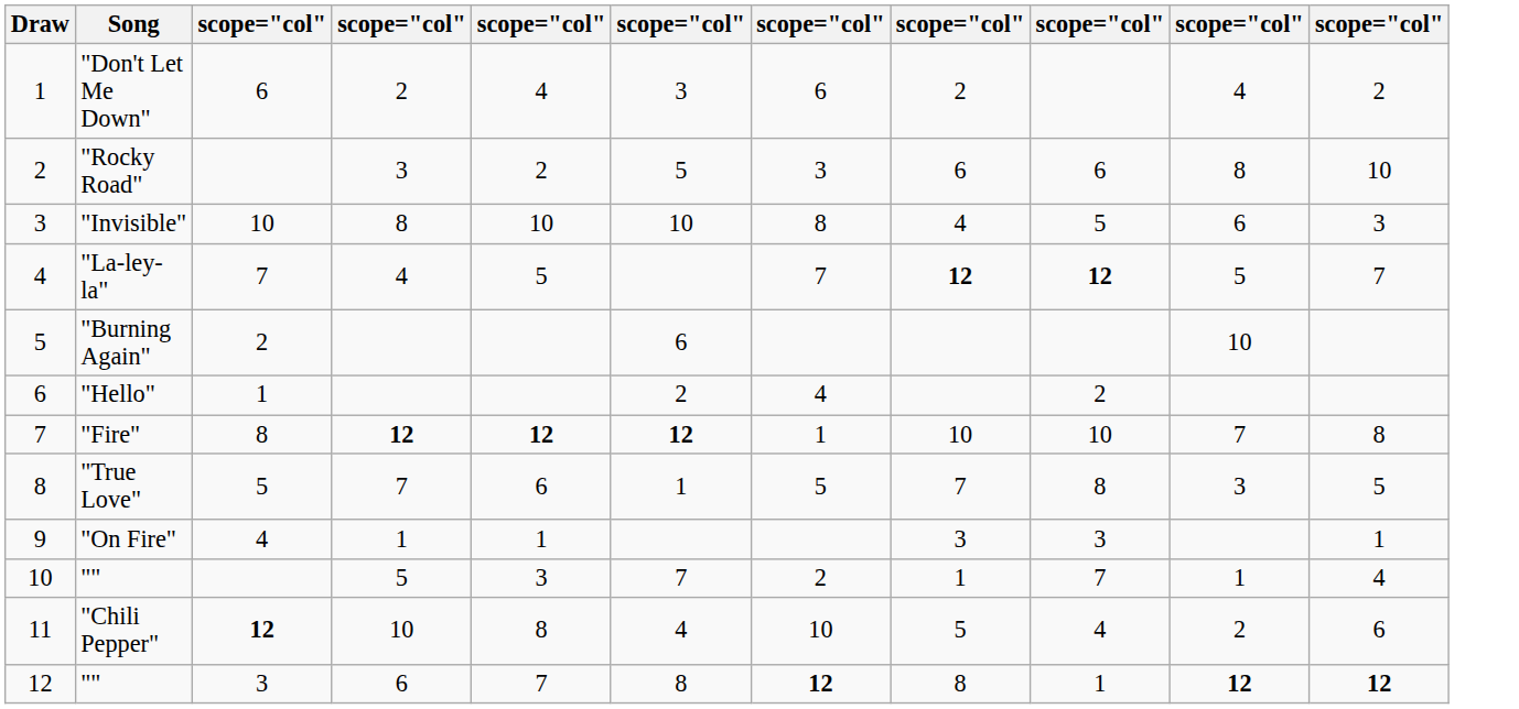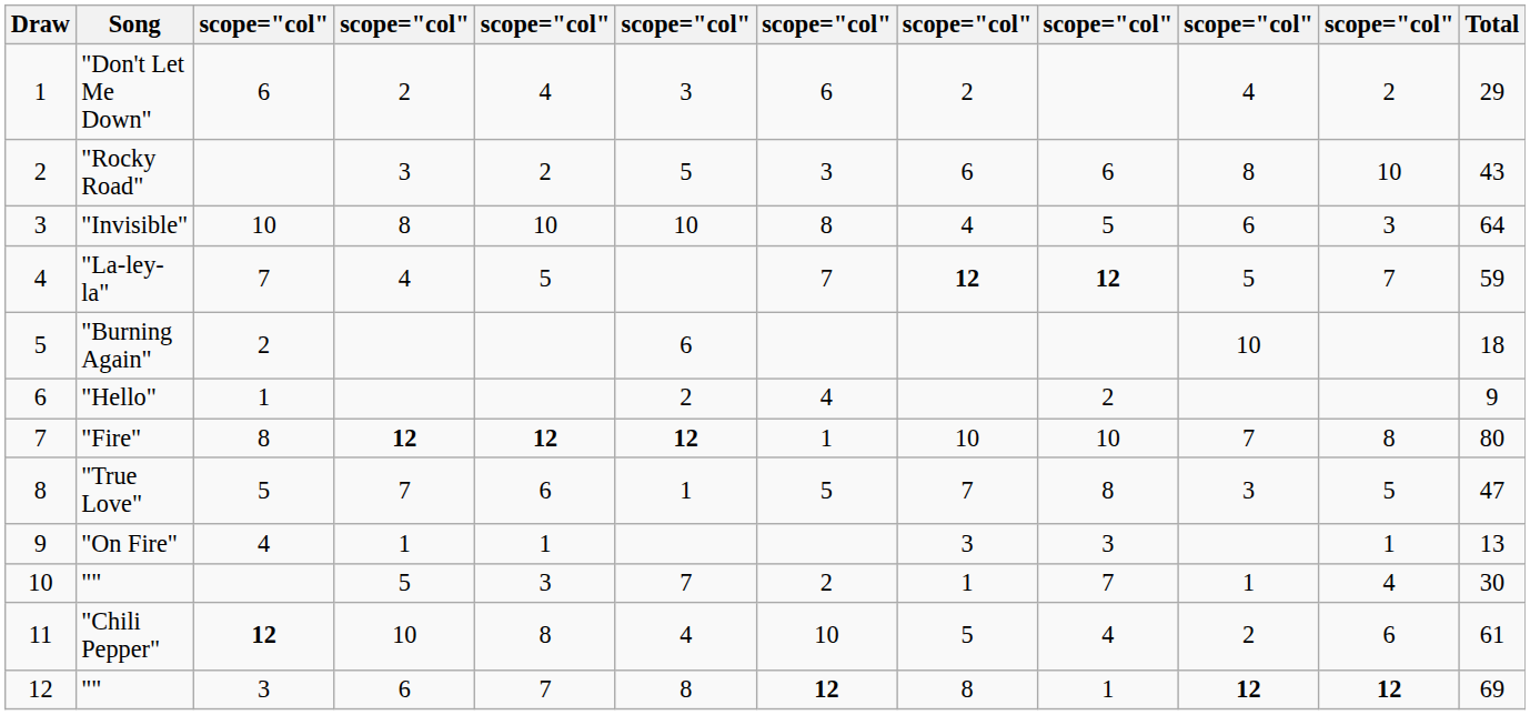 <table class="wikitable collapsible" style="margin: 1em auto 1em auto; text-align:center;">
 <tr>
 <th>Draw</th>
 <th>Song</th>
 <th>scope="col" </th>
 <th>scope="col" </th>
 <th>scope="col" </th>
 <th>scope="col" </th>
 <th>scope="col" </th>
 <th>scope="col" </th>
 <th>scope="col" </th>
 <th>scope="col" </th>
 <th>scope="col" </th>
+<th>Total</th>
 </tr>
 <tr>
 <td>1</td>
 <td align="left">"Don't Let Me Down"</td>
 <td>6</td>
 <td>2</td>
 <td>4</td>
 <td>3</td>
 <td>6</td>
 <td>2</td>
 <td></td>
 <td>4</td>
 <td>2</td>
+<td>29</td>
 </tr>
 <tr>
 <td>2</td>
 <td align="left">"Rocky Road"</td>
 <td></td>
 <td>3</td>
 <td>2</td>
 <td>5</td>
 <td>3</td>
 <td>6</td>
 <td>6</td>
 <td>8</td>
 <td>10</td>
+<td>43</td>
 </tr>
 <tr>
 <td>3</td>
 <td align="left">"Invisible"</td>
 <td>10</td>
 <td>8</td>
 <td>10</td>
 <td>10</td>
 <td>8</td>
 <td>4</td>
 <td>5</td>
 <td>6</td>
 <td>3</td>
+<td>64</td>
 </tr>
 <tr>
 <td>4</td>
 <td align="left">"La-ley-la"</td>
 <td>7</td>
 <td>4</td>
 <td>5</td>
 <td></td>
 <td>7</td>
 <td><strong>12</strong></td>
 <td><strong>12</strong></td>
 <td>5</td>
 <td>7</td>
+<td>59</td>
 </tr>
 <tr>
 <td>5</td>
 <td align="left">"Burning Again"</td>
 <td>2</td>
 <td></td>
 <td></td>
 <td>6</td>
 <td></td>
 <td></td>
 <td></td>
 <td>10</td>
 <td></td>
+<td>18</td>
 </tr>
 <tr>
 <td>6</td>
 <td align="left">"Hello"</td>
 <td>1</td>
 <td></td>
 <td></td>
 <td>2</td>
 <td>4</td>
 <td></td>
 <td>2</td>
 <td></td>
 <td></td>
+<td>9</td>
 </tr>
 <tr>
 <td>7</td>
 <td align="left">"Fire"</td>
 <td>8</td>
 <td><strong>12</strong></td>
 <td><strong>12</strong></td>
 <td><strong>12</strong></td>
 <td>1</td>
 <td>10</td>
 <td>10</td>
 <td>7</td>
 <td>8</td>
+<td>80</td>
 </tr>
 <tr>
 <td>8</td>
 <td align="left">"True Love"</td>
 <td>5</td>
 <td>7</td>
 <td>6</td>
 <td>1</td>
 <td>5</td>
 <td>7</td>
 <td>8</td>
 <td>3</td>
 <td>5</td>
+<td>47</td>
 </tr>
 <tr>
 <td>9</td>
 <td align="left">"On Fire"</td>
 <td>4</td>
 <td>1</td>
 <td>1</td>
 <td></td>
 <td></td>
 <td>3</td>
 <td>3</td>
 <td></td>
 <td>1</td>
+<td>13</td>
 </tr>
 <tr>
 <td>10</td>
 <td align="left">""</td>
 <td></td>
 <td>5</td>
 <td>3</td>
 <td>7</td>
 <td>2</td>
 <td>1</td>
 <td>7</td>
 <td>1</td>
 <td>4</td>
+<td>30</td>
 </tr>
 <tr>
 <td>11</td>
 <td align="left">"Chili Pepper"</td>
 <td><strong>12</strong></td>
 <td>10</td>
 <td>8</td>
 <td>4</td>
 <td>10</td>
 <td>5</td>
 <td>4</td>
 <td>2</td>
 <td>6</td>
+<td>61</td>
 </tr>
 <tr>
 <td>12</td>
 <td align="left">""</td>
 <td>3</td>
 <td>6</td>
 <td>7</td>
 <td>8</td>
 <td><strong>12</strong></td>
 <td>8</td>
 <td>1</td>
 <td><strong>12</strong></td>
 <td><strong>12</strong></td>
+<td>69</td>
 </tr>
 </table>
